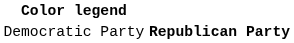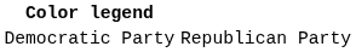 <table>
 <tr>
 <th>Color legend</th>
 </tr>
 <tr>
 <td>Democratic Party</td>
-<td><strong>Republican Party</strong></td>
+<td>Republican Party</td>
 </tr>
 <tr>
 <td></td>
 <td></td>
 </tr>
 </table>
